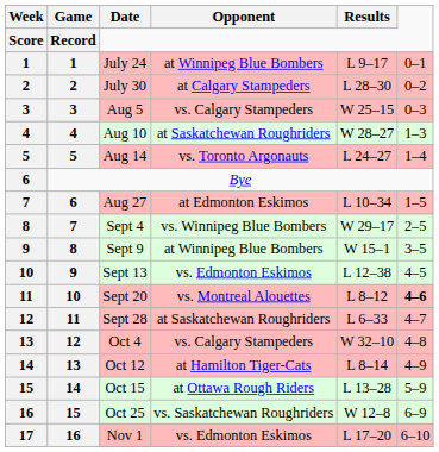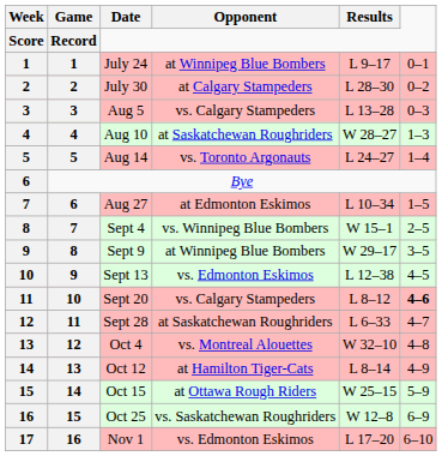 <table class="wikitable" style="text-align:center">
 <tr>
 <th>Week</th>
 <th>Game</th>
 <th>Date</th>
 <th>Opponent</th>
 <th>Results</th>
 </tr>
 <tr>
 <th>Score</th>
 <th>Record</th>
 </tr>
 <tr style="background:#ffbbbb">
 <th>1</th>
 <th>1</th>
 <td>July 24</td>
 <td>at <a href='#'>Winnipeg Blue Bombers</a></td>
 <td>L 9–17</td>
 <td>0–1</td>
 </tr>
 <tr style="background:#ffbbbb">
 <th>2</th>
 <th>2</th>
 <td>July 30</td>
 <td>at <a href='#'>Calgary Stampeders</a></td>
 <td>L 28–30</td>
 <td>0–2</td>
 </tr>
 <tr style="background:#ffbbbb">
 <th>3</th>
 <th>3</th>
 <td>Aug 5</td>
 <td>vs. Calgary Stampeders</td>
-<td>W 25–15</td>
+<td>L 13–28</td>
 <td>0–3</td>
 </tr>
 <tr style="background:#ddffdd">
 <th>4</th>
 <th>4</th>
 <td>Aug 10</td>
 <td>at <a href='#'>Saskatchewan Roughriders</a></td>
 <td>W 28–27</td>
 <td>1–3</td>
 </tr>
 <tr style="background:#ffbbbb">
 <th>5</th>
 <th>5</th>
 <td>Aug 14</td>
 <td>vs. <a href='#'>Toronto Argonauts</a></td>
 <td>L 24–27</td>
 <td>1–4</td>
 </tr>
 <tr>
 <th>6</th>
 <td colspan=7><em><a href='#'>Bye</a></em></td>
 </tr>
 <tr style="background:#ffbbbb">
 <th>7</th>
 <th>6</th>
 <td>Aug 27</td>
 <td>at Edmonton Eskimos</td>
 <td>L 10–34</td>
 <td>1–5</td>
 </tr>
 <tr style="background:#ddffdd">
 <th>8</th>
 <th>7</th>
 <td>Sept 4</td>
 <td>vs. Winnipeg Blue Bombers</td>
-<td>W 29–17</td>
+<td>W 15–1</td>
 <td>2–5</td>
 </tr>
 <tr style="background:#ddffdd">
 <th>9</th>
 <th>8</th>
 <td>Sept 9</td>
 <td>at Winnipeg Blue Bombers</td>
-<td>W 15–1</td>
+<td>W 29–17</td>
 <td>3–5</td>
 </tr>
 <tr style="background:#ddffdd">
 <th>10</th>
 <th>9</th>
 <td>Sept 13</td>
 <td>vs. <a href='#'>Edmonton Eskimos</a></td>
 <td>L 12–38</td>
 <td>4–5</td>
 </tr>
 <tr style="background:#ffbbbb">
 <th>11</th>
 <th>10</th>
 <td>Sept 20</td>
-<td>vs. <a href='#'>Montreal Alouettes</a></td>
+<td>vs. Calgary Stampeders</td>
 <td>L 8–12</td>
 <td><strong>4–6</strong></td>
 </tr>
 <tr style="background:#ffbbbb">
 <th>12</th>
 <th>11</th>
 <td>Sept 28</td>
 <td>at Saskatchewan Roughriders</td>
 <td>L 6–33</td>
 <td>4–7</td>
 </tr>
 <tr style="background:#ffbbbb">
 <th>13</th>
 <th>12</th>
 <td>Oct 4</td>
-<td>vs. Calgary Stampeders</td>
+<td>vs. <a href='#'>Montreal Alouettes</a></td>
 <td>W 32–10</td>
 <td>4–8</td>
 </tr>
 <tr style="background:#ffbbbb">
 <th>14</th>
 <th>13</th>
 <td>Oct 12</td>
 <td>at <a href='#'>Hamilton Tiger-Cats</a></td>
 <td>L 8–14</td>
 <td>4–9</td>
 </tr>
 <tr style="background:#ddffdd">
 <th>15</th>
 <th>14</th>
 <td>Oct 15</td>
 <td>at <a href='#'>Ottawa Rough Riders</a></td>
-<td>L 13–28</td>
+<td>W 25–15</td>
 <td>5–9</td>
 </tr>
 <tr style="background:#ddffdd">
 <th>16</th>
 <th>15</th>
 <td>Oct 25</td>
 <td>vs. Saskatchewan Roughriders</td>
 <td>W 12–8</td>
 <td>6–9</td>
 </tr>
 <tr style="background:#ffbbbb">
 <th>17</th>
 <th>16</th>
 <td>Nov 1</td>
 <td>vs. Edmonton Eskimos</td>
 <td>L 17–20</td>
 <td>6–10</td>
 </tr>
 </table>
